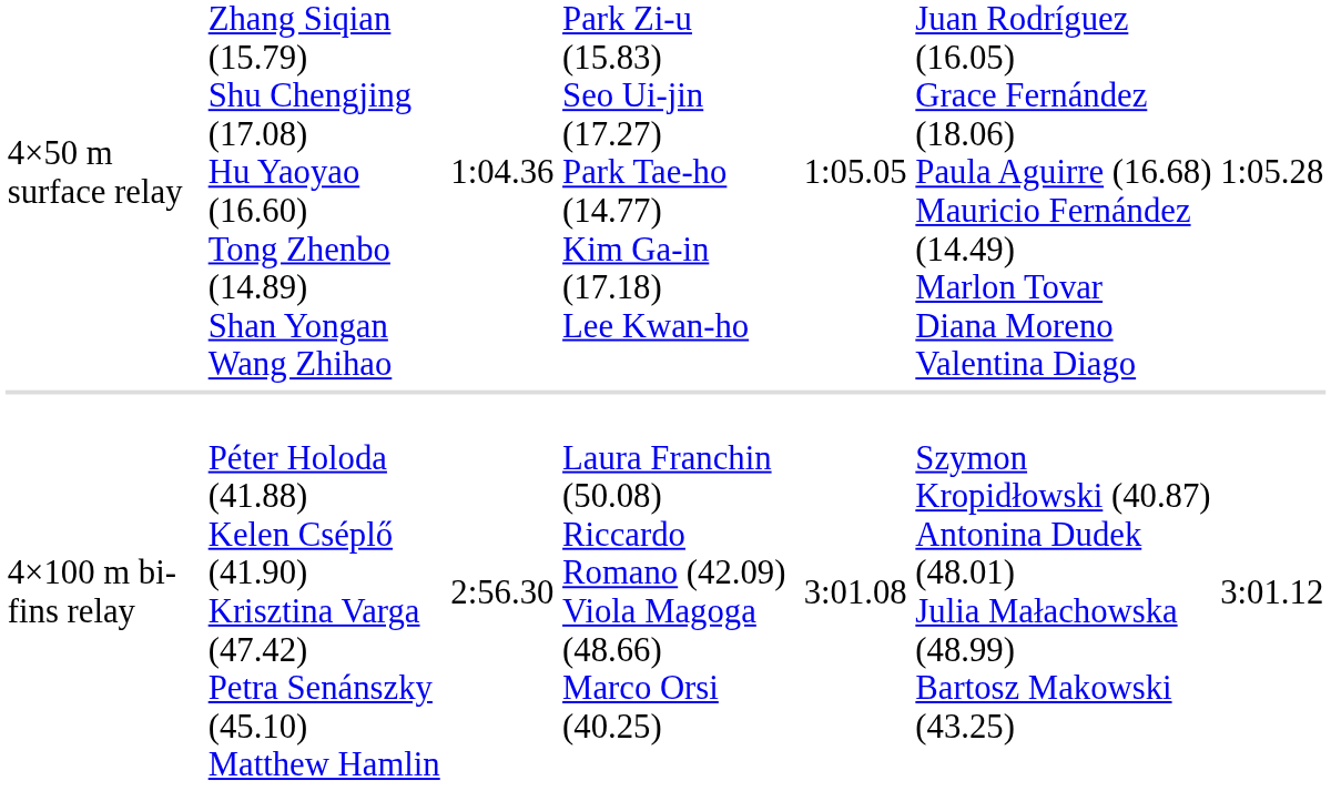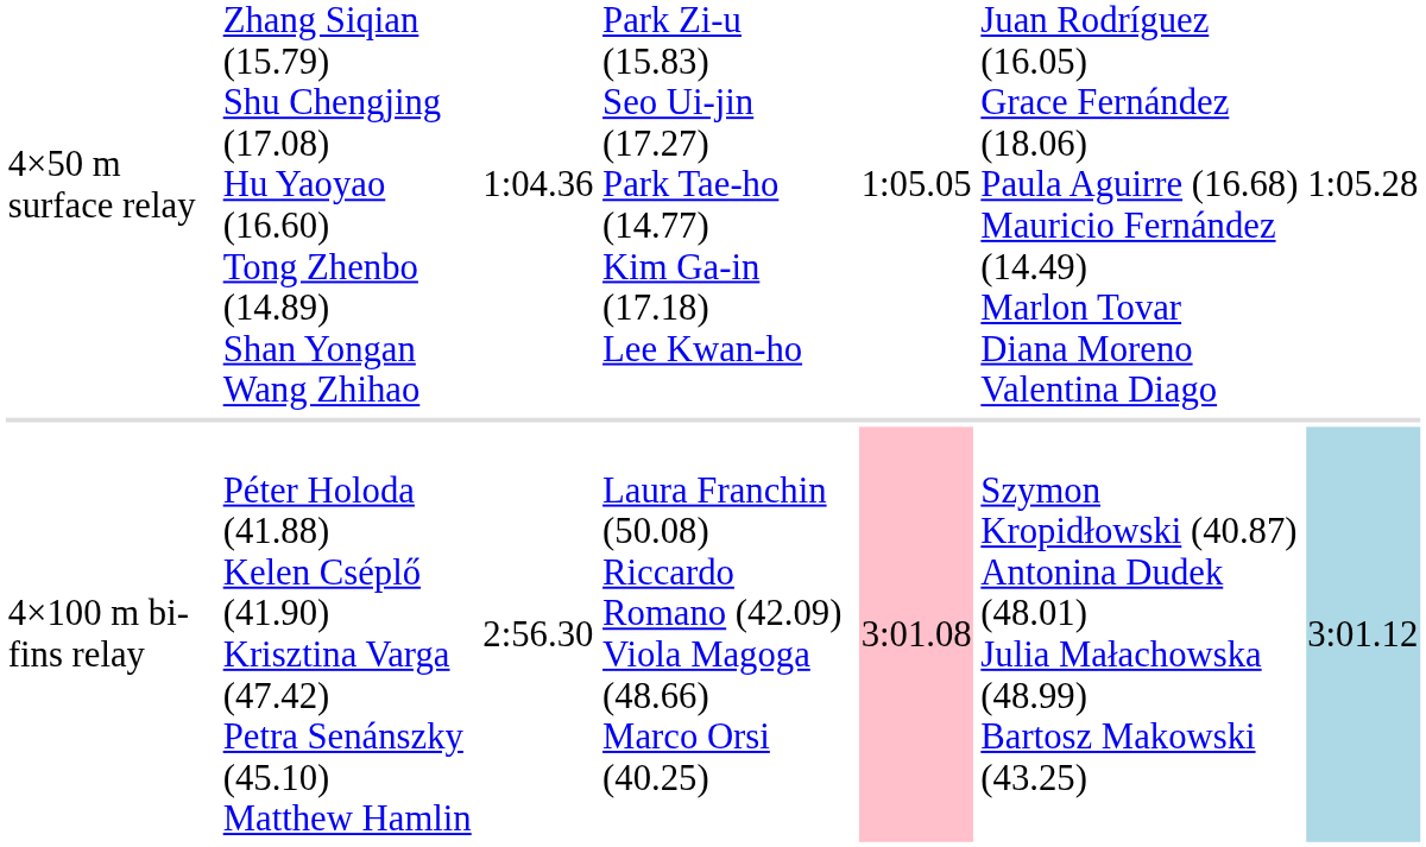 <table>
 <tr>
 <td>4×50 m surface relay</td>
 <td valign=top><br><a href='#'>Zhang Siqian</a> (15.79)<br><a href='#'>Shu Chengjing</a> (17.08)<br><a href='#'>Hu Yaoyao</a> (16.60)<br><a href='#'>Tong Zhenbo</a> (14.89)<br><a href='#'>Shan Yongan</a><br><a href='#'>Wang Zhihao</a></td>
 <td>1:04.36</td>
 <td valign=top><br><a href='#'>Park Zi-u</a> (15.83)<br><a href='#'>Seo Ui-jin</a> (17.27)<br><a href='#'>Park Tae-ho</a> (14.77)<br><a href='#'>Kim Ga-in</a> (17.18)<br><a href='#'>Lee Kwan-ho</a></td>
 <td>1:05.05</td>
 <td valign=top><br><a href='#'>Juan Rodríguez</a> (16.05)<br><a href='#'>Grace Fernández</a> (18.06)<br><a href='#'>Paula Aguirre</a> (16.68)<br><a href='#'>Mauricio Fernández</a> (14.49)<br><a href='#'>Marlon Tovar</a><br><a href='#'>Diana Moreno</a><br><a href='#'>Valentina Diago</a></td>
 <td>1:05.28</td>
 </tr>
 <tr bgcolor=#DDDDDD>
 <td colspan=7></td>
 </tr>
 <tr>
 <td>4×100 m bi-fins relay</td>
 <td valign=top><br><a href='#'>Péter Holoda</a> (41.88)<br><a href='#'>Kelen Cséplő</a> (41.90)<br><a href='#'>Krisztina Varga</a> (47.42)<br><a href='#'>Petra Senánszky</a> (45.10)<br><a href='#'>Matthew Hamlin</a></td>
 <td>2:56.30</td>
 <td valign=top><br><a href='#'>Laura Franchin</a> (50.08)<br><a href='#'>Riccardo Romano</a> (42.09)<br><a href='#'>Viola Magoga</a> (48.66)<br><a href='#'>Marco Orsi</a> (40.25)</td>
-<td>3:01.08</td>
+<td style="background: pink;">3:01.08</td>
 <td valign=top><br><a href='#'>Szymon Kropidłowski</a> (40.87)<br><a href='#'>Antonina Dudek</a> (48.01)<br><a href='#'>Julia Małachowska</a> (48.99)<br><a href='#'>Bartosz Makowski</a> (43.25)</td>
-<td>3:01.12</td>
+<td style="background: lightblue;">3:01.12</td>
 </tr>
 </table>
